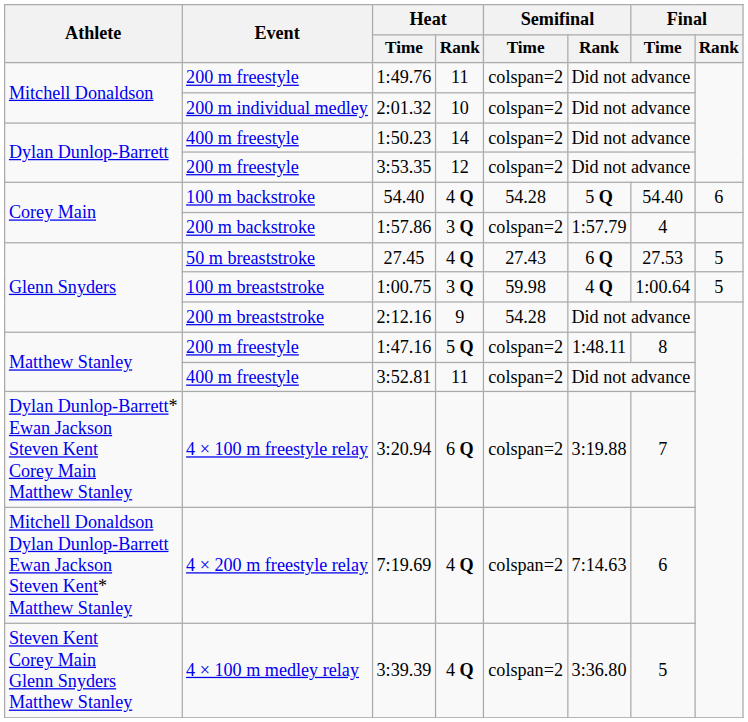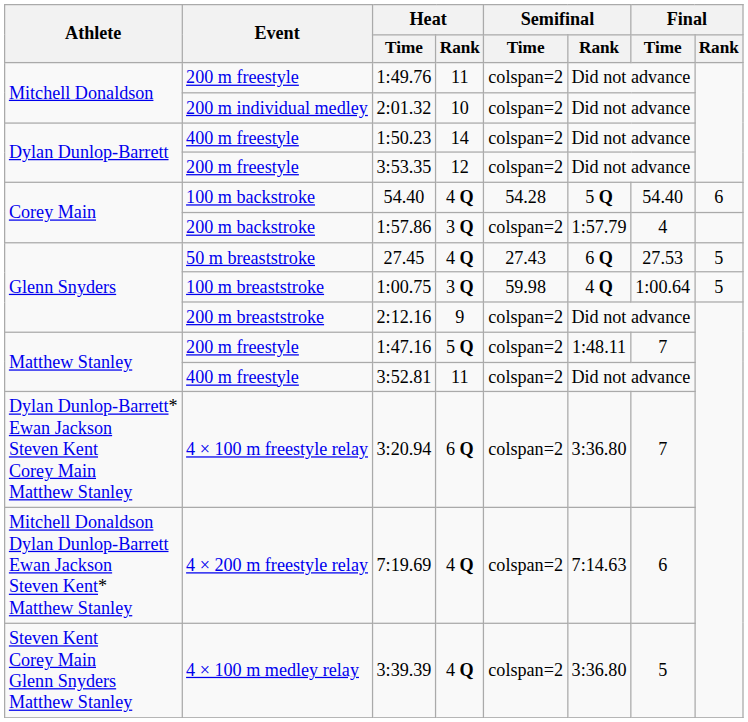 <table class=wikitable style=font-size:90%>
 <tr>
 <th rowspan=2>Athlete</th>
 <th rowspan=2>Event</th>
 <th colspan=2>Heat</th>
 <th colspan=2>Semifinal</th>
 <th colspan=2>Final</th>
 </tr>
 <tr style=font-size:95%>
 <th>Time</th>
 <th>Rank</th>
 <th>Time</th>
 <th>Rank</th>
 <th>Time</th>
 <th>Rank</th>
 </tr>
 <tr align=center>
 <td rowspan=2 align=left><a href='#'>Mitchell Donaldson</a></td>
 <td align=left><a href='#'>200 m freestyle</a></td>
 <td>1:49.76</td>
 <td>11</td>
 <td>colspan=2 </td>
 <td colspan=2>Did not advance</td>
 </tr>
 <tr align=center>
 <td align=left><a href='#'>200 m individual medley</a></td>
 <td>2:01.32</td>
 <td>10</td>
 <td>colspan=2 </td>
 <td colspan=2>Did not advance</td>
 </tr>
 <tr align=center>
 <td rowspan=2 align=left><a href='#'>Dylan Dunlop-Barrett</a></td>
 <td align=left><a href='#'>400 m freestyle</a></td>
 <td>1:50.23</td>
 <td>14</td>
 <td>colspan=2 </td>
 <td colspan=2>Did not advance</td>
 </tr>
 <tr align=center>
 <td align=left><a href='#'>200 m freestyle</a></td>
 <td>3:53.35</td>
 <td>12</td>
 <td>colspan=2 </td>
 <td colspan=2>Did not advance</td>
 </tr>
 <tr align=center>
 <td rowspan=2 align=left><a href='#'>Corey Main</a></td>
 <td align=left><a href='#'>100 m backstroke</a></td>
 <td>54.40</td>
 <td>4 <strong>Q</strong></td>
 <td>54.28</td>
 <td>5 <strong>Q</strong></td>
 <td>54.40</td>
 <td>6</td>
 </tr>
 <tr align=center>
 <td align=left><a href='#'>200 m backstroke</a></td>
 <td>1:57.86</td>
 <td>3 <strong>Q</strong></td>
 <td>colspan=2 </td>
 <td>1:57.79</td>
 <td>4</td>
 </tr>
 <tr align=center>
 <td rowspan=3 align=left><a href='#'>Glenn Snyders</a></td>
 <td align=left><a href='#'>50 m breaststroke</a></td>
 <td>27.45</td>
 <td>4 <strong>Q</strong></td>
 <td>27.43</td>
 <td>6 <strong>Q</strong></td>
 <td>27.53</td>
 <td>5</td>
 </tr>
 <tr align=center>
 <td align=left><a href='#'>100 m breaststroke</a></td>
 <td>1:00.75</td>
 <td>3 <strong>Q</strong></td>
 <td>59.98</td>
 <td>4 <strong>Q</strong></td>
 <td>1:00.64</td>
 <td>5</td>
 </tr>
 <tr align=center>
 <td align=left><a href='#'>200 m breaststroke</a></td>
 <td>2:12.16</td>
 <td>9</td>
-<td>54.28</td>
+<td>colspan=2 </td>
 <td colspan=2>Did not advance</td>
 </tr>
 <tr align=center>
 <td rowspan=2 align=left><a href='#'>Matthew Stanley</a></td>
 <td align=left><a href='#'>200 m freestyle</a></td>
 <td>1:47.16</td>
 <td>5 <strong>Q</strong></td>
 <td>colspan=2 </td>
 <td>1:48.11</td>
-<td>8</td>
+<td>7</td>
 </tr>
 <tr align=center>
 <td align=left><a href='#'>400 m freestyle</a></td>
 <td>3:52.81</td>
 <td>11</td>
 <td>colspan=2 </td>
 <td colspan=2>Did not advance</td>
 </tr>
 <tr align=center>
 <td align=left><a href='#'>Dylan Dunlop-Barrett</a>*<br><a href='#'>Ewan Jackson</a><br><a href='#'>Steven Kent</a><br><a href='#'>Corey Main</a><br><a href='#'>Matthew Stanley</a></td>
 <td align=left><a href='#'>4 × 100 m freestyle relay</a></td>
 <td>3:20.94</td>
 <td>6 <strong>Q</strong></td>
 <td>colspan=2 </td>
-<td>3:19.88</td>
+<td>3:36.80</td>
 <td>7</td>
 </tr>
 <tr align=center>
 <td align=left><a href='#'>Mitchell Donaldson</a><br><a href='#'>Dylan Dunlop-Barrett</a><br><a href='#'>Ewan Jackson</a><br><a href='#'>Steven Kent</a>*<br><a href='#'>Matthew Stanley</a></td>
 <td align=left><a href='#'>4 × 200 m freestyle relay</a></td>
 <td>7:19.69</td>
 <td>4 <strong>Q</strong></td>
 <td>colspan=2 </td>
 <td>7:14.63</td>
 <td>6</td>
 </tr>
 <tr align=center>
 <td align=left><a href='#'>Steven Kent</a><br><a href='#'>Corey Main</a><br><a href='#'>Glenn Snyders</a><br><a href='#'>Matthew Stanley</a></td>
 <td align=left><a href='#'>4 × 100 m medley relay</a></td>
 <td>3:39.39</td>
 <td>4 <strong>Q</strong></td>
 <td>colspan=2 </td>
 <td>3:36.80</td>
 <td>5</td>
 </tr>
 </table>
